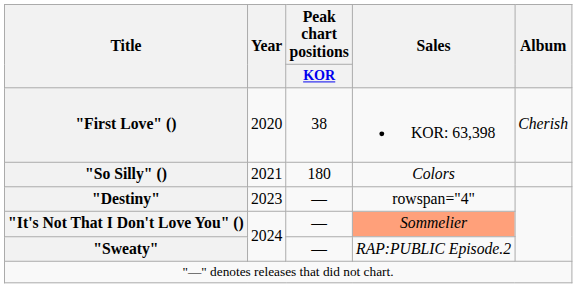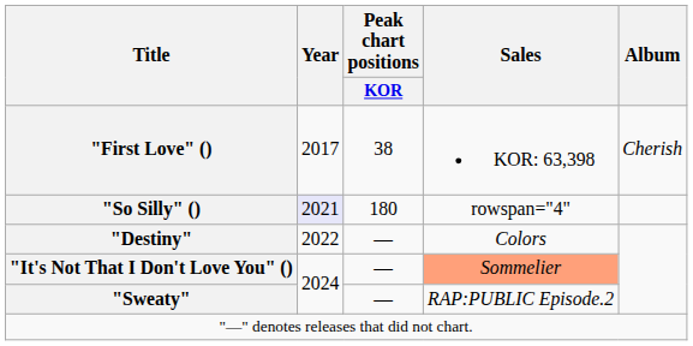 <table class="wikitable plainrowheaders" style="text-align:center">
 <tr>
 <th scope="col" rowspan="2">Title</th>
 <th scope="col" rowspan="2">Year</th>
 <th scope="col">Peak chart positions</th>
 <th scope="col" rowspan="2">Sales<br></th>
 <th scope="col" rowspan="2">Album</th>
 </tr>
 <tr>
 <th scope="col" style="font-size:90%; width:2.5em"><a href='#'>KOR</a><br></th>
 </tr>
 <tr>
 <th scope="row">"First Love" ()<br></th>
-<td>2020</td>
+<td>2017</td>
 <td>38</td>
 <td><br><ul><li>KOR: 63,398</li></ul></td>
 <td><em>Cherish</em></td>
 </tr>
 <tr>
 <th scope="row">"So Silly" ()<br></th>
-<td>2021</td>
+<td style="background: lavender;">2021</td>
 <td>180</td>
-<td><em>Colors</em></td>
+<td>rowspan="4" </td>
 <td></td>
 </tr>
 <tr>
 <th scope="row">"Destiny"<br></th>
-<td>2023</td>
+<td>2022</td>
 <td>—</td>
-<td>rowspan="4" </td>
+<td><em>Colors</em></td>
 </tr>
 <tr>
 <th scope="row">"It's Not That I Don't Love You" ()<br></th>
 <td rowspan="2">2024</td>
 <td>—</td>
 <td style="background: lightsalmon;"><em>Sommelier</em></td>
 </tr>
 <tr>
 <th scope="row">"Sweaty"<br></th>
 <td>—</td>
 <td><em>RAP:PUBLIC Episode.2</em></td>
 </tr>
 <tr>
 <td colspan="5" style="font-size:85%">"—" denotes releases that did not chart.</td>
 </tr>
 </table>
